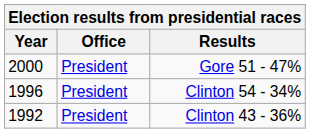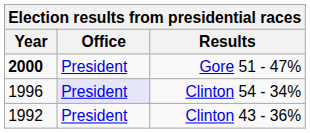 <table class="wikitable" style="font-size:95%;">
 <tr>
 <th colspan="3">Election results from presidential races</th>
 </tr>
 <tr>
 <th>Year</th>
 <th>Office</th>
 <th>Results</th>
 </tr>
 <tr>
-<td>2000</td>
+<td><strong>2000</strong></td>
 <td><a href='#'>President</a></td>
 <td align="right" ><a href='#'>Gore</a> 51 - 47%</td>
 </tr>
 <tr>
 <td>1996</td>
-<td><a href='#'>President</a></td>
+<td style="background: lavender;"><a href='#'>President</a></td>
 <td align="right" ><a href='#'>Clinton</a> 54 - 34%</td>
 </tr>
 <tr>
 <td>1992</td>
 <td><a href='#'>President</a></td>
 <td align="right" ><a href='#'>Clinton</a> 43 - 36%</td>
 </tr>
 </table>
